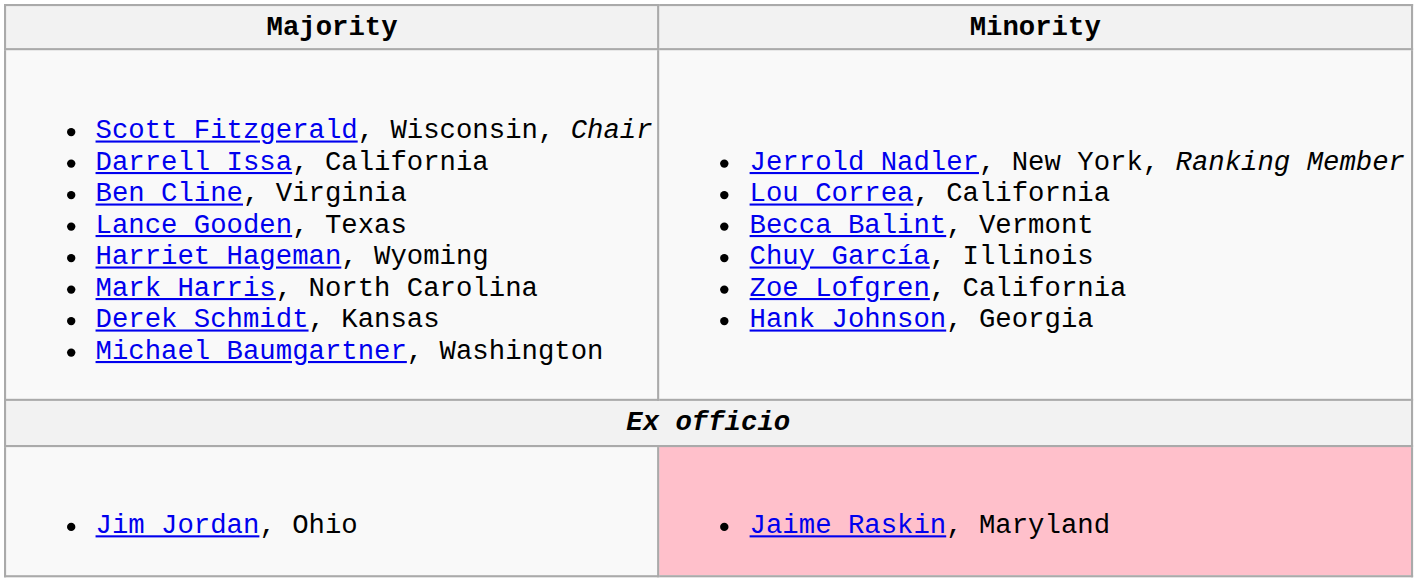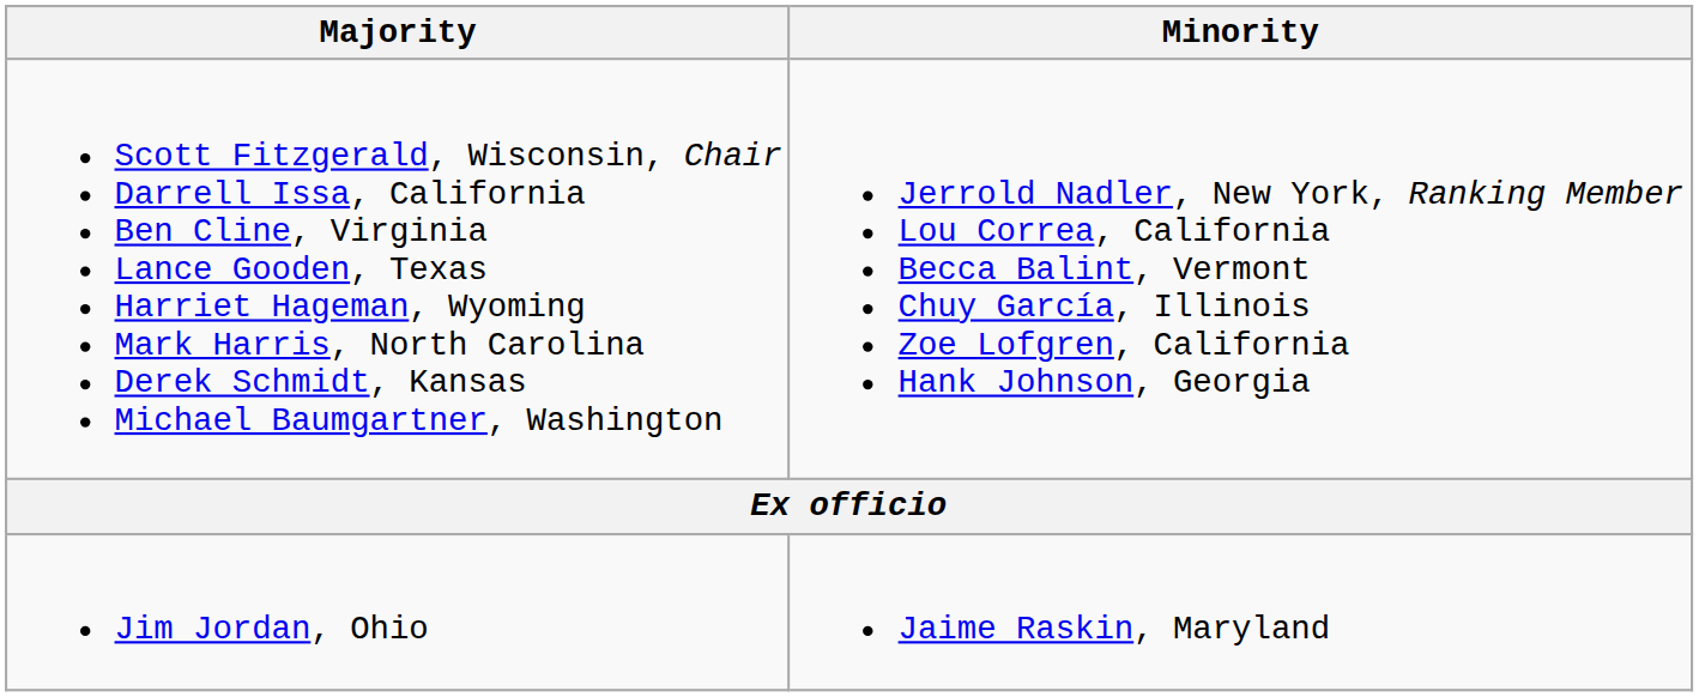 <table class=wikitable>
 <tr>
 <th>Majority</th>
 <th>Minority</th>
 </tr>
 <tr>
 <td><br><ul><li><a href='#'>Scott Fitzgerald</a>, Wisconsin, <em>Chair</em></li><li><a href='#'>Darrell Issa</a>, California</li><li><a href='#'>Ben Cline</a>, Virginia</li><li><a href='#'>Lance Gooden</a>, Texas</li><li><a href='#'>Harriet Hageman</a>, Wyoming</li><li><a href='#'>Mark Harris</a>, North Carolina</li><li><a href='#'>Derek Schmidt</a>, Kansas</li><li><a href='#'>Michael Baumgartner</a>, Washington</li></ul></td>
 <td><br><ul><li><a href='#'>Jerrold Nadler</a>, New York, <em>Ranking Member</em></li><li><a href='#'>Lou Correa</a>, California</li><li><a href='#'>Becca Balint</a>, Vermont</li><li><a href='#'>Chuy García</a>, Illinois</li><li><a href='#'>Zoe Lofgren</a>, California</li><li><a href='#'>Hank Johnson</a>, Georgia</li></ul></td>
 </tr>
 <tr>
 <th colspan=2><em>Ex officio</em></th>
 </tr>
 <tr>
 <td><br><ul><li><a href='#'>Jim Jordan</a>, Ohio</li></ul></td>
-<td style="background: pink;"><br><ul><li><a href='#'>Jaime Raskin</a>, Maryland</li></ul></td>
+<td><br><ul><li><a href='#'>Jaime Raskin</a>, Maryland</li></ul></td>
 </tr>
 </table>
